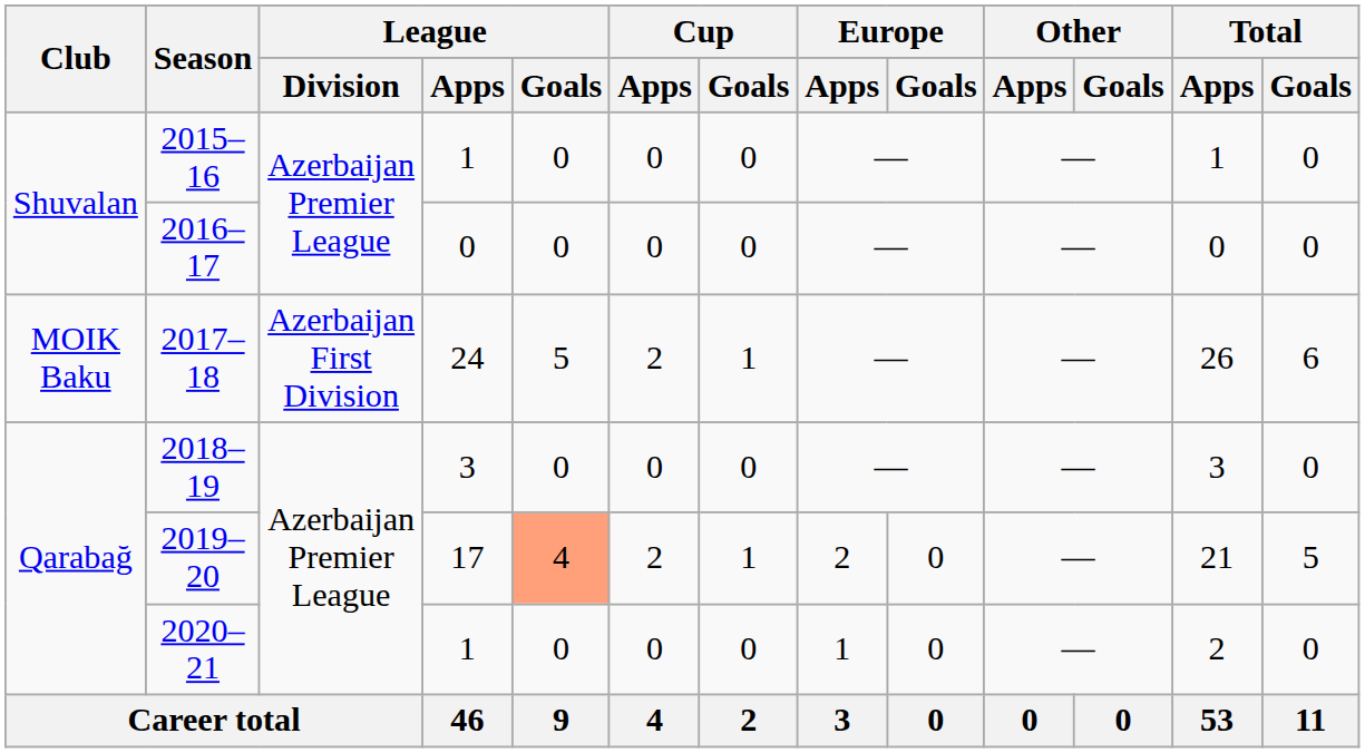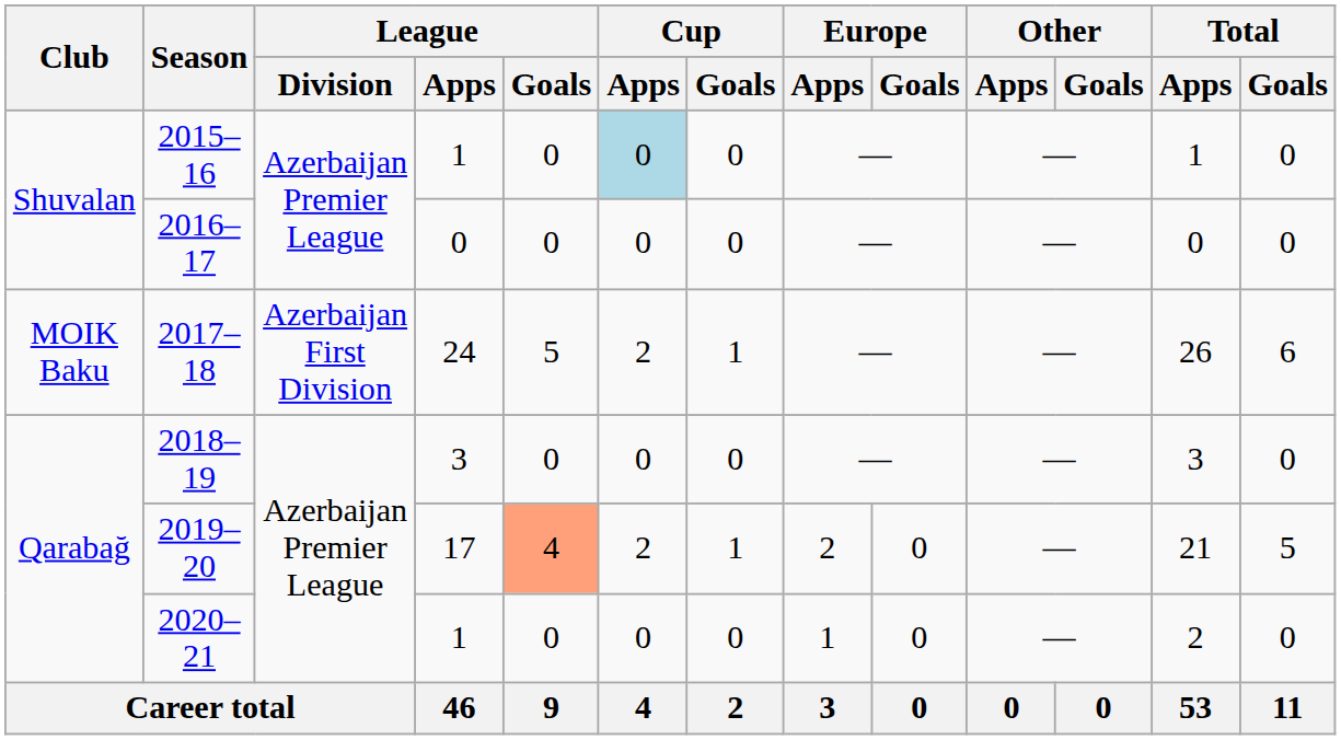 <table class="wikitable" style="text-align: center;">
 <tr>
 <th rowspan="2">Club</th>
 <th rowspan="2">Season</th>
 <th colspan="3">League</th>
 <th colspan="2">Cup</th>
 <th colspan="2">Europe</th>
 <th colspan="2">Other</th>
 <th colspan="2">Total</th>
 </tr>
 <tr>
 <th>Division</th>
 <th>Apps</th>
 <th>Goals</th>
 <th>Apps</th>
 <th>Goals</th>
 <th>Apps</th>
 <th>Goals</th>
 <th>Apps</th>
 <th>Goals</th>
 <th>Apps</th>
 <th>Goals</th>
 </tr>
 <tr>
 <td rowspan="2"><a href='#'>Shuvalan</a></td>
 <td><a href='#'>2015–16</a></td>
 <td rowspan="2"><a href='#'>Azerbaijan Premier League</a></td>
 <td>1</td>
 <td>0</td>
-<td>0</td>
+<td style="background: lightblue;">0</td>
 <td>0</td>
 <td colspan=2>—</td>
 <td colspan=2>—</td>
 <td>1</td>
 <td>0</td>
 </tr>
 <tr>
 <td><a href='#'>2016–17</a></td>
 <td>0</td>
 <td>0</td>
 <td>0</td>
 <td>0</td>
 <td colspan=2>—</td>
 <td colspan=2>—</td>
 <td>0</td>
 <td>0</td>
 </tr>
 <tr>
 <td><a href='#'>MOIK Baku</a></td>
 <td><a href='#'>2017–18</a></td>
 <td><a href='#'>Azerbaijan First Division</a></td>
 <td>24</td>
 <td>5</td>
 <td>2</td>
 <td>1</td>
 <td colspan=2>—</td>
 <td colspan=2>—</td>
 <td>26</td>
 <td>6</td>
 </tr>
 <tr>
 <td rowspan="3"><a href='#'>Qarabağ</a></td>
 <td><a href='#'>2018–19</a></td>
 <td rowspan="3">Azerbaijan Premier League</td>
 <td>3</td>
 <td>0</td>
 <td>0</td>
 <td>0</td>
 <td colspan=2>—</td>
 <td colspan=2>—</td>
 <td>3</td>
 <td>0</td>
 </tr>
 <tr>
 <td><a href='#'>2019–20</a></td>
 <td>17</td>
 <td style="background: lightsalmon;">4</td>
 <td>2</td>
 <td>1</td>
 <td>2</td>
 <td>0</td>
 <td colspan=2>—</td>
 <td>21</td>
 <td>5</td>
 </tr>
 <tr>
 <td><a href='#'>2020–21</a></td>
 <td>1</td>
 <td>0</td>
 <td>0</td>
 <td>0</td>
 <td>1</td>
 <td>0</td>
 <td colspan=2>—</td>
 <td>2</td>
 <td>0</td>
 </tr>
 <tr>
 <th colspan=3>Career total</th>
 <th>46</th>
 <th>9</th>
 <th>4</th>
 <th>2</th>
 <th>3</th>
 <th>0</th>
 <th>0</th>
 <th>0</th>
 <th>53</th>
 <th>11</th>
 </tr>
 </table>
